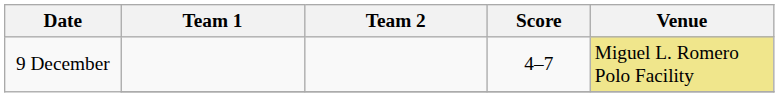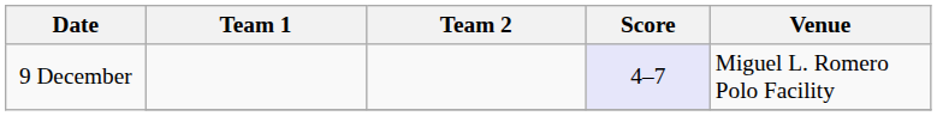 <table class="wikitable" style="font-size: 90%;">
 <tr>
 <th width="80">Date</th>
 <th width="130">Team 1</th>
 <th width="130">Team 2</th>
 <th width="70">Score</th>
 <th width="130">Venue</th>
 </tr>
 <tr>
 <td align="center" rowspan="2">9 December</td>
 <td></td>
 <td><strong></strong></td>
-<td align=center>4–7<br></td>
-<td style="background: khaki;">Miguel L. Romero Polo Facility</td>
+<td align=center style="background: lavender;">4–7<br></td>
+<td>Miguel L. Romero Polo Facility</td>
 </tr>
 <tr>
 </tr>
 </table>
